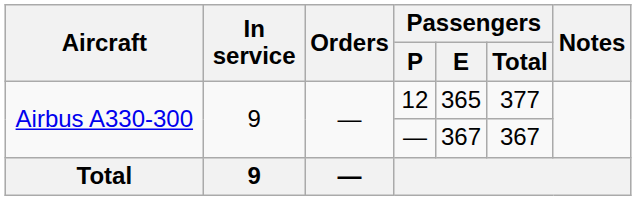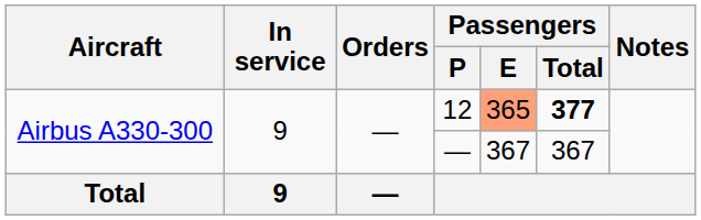 <table class="wikitable" style="margin-left: auto; margin-right: auto; border: none; text-align:center;">
 <tr>
 <th rowspan=2 style="width:125px;">Aircraft</th>
 <th rowspan=2 style="width:60px;">In service</th>
 <th rowspan=2>Orders</th>
 <th colspan=3>Passengers</th>
 <th rowspan=2>Notes</th>
 </tr>
 <tr>
 <th style="width:20px;"><abbr>P</abbr></th>
 <th style="width:20px;"><abbr>E</abbr></th>
 <th style="width:20px;">Total</th>
 </tr>
 <tr>
 <td rowspan="2"><a href='#'>Airbus A330-300</a></td>
 <td rowspan="2">9</td>
 <td rowspan="2">—</td>
 <td>12</td>
-<td>365</td>
-<td>377</td>
+<td style="background: lightsalmon;">365</td>
+<td><strong>377</strong></td>
 <td rowspan="2"></td>
 </tr>
 <tr>
 <td>—</td>
 <td>367</td>
 <td>367</td>
 </tr>
 <tr>
 <th>Total</th>
 <th>9</th>
 <th>—</th>
 <th colspan=4></th>
 </tr>
 </table>
